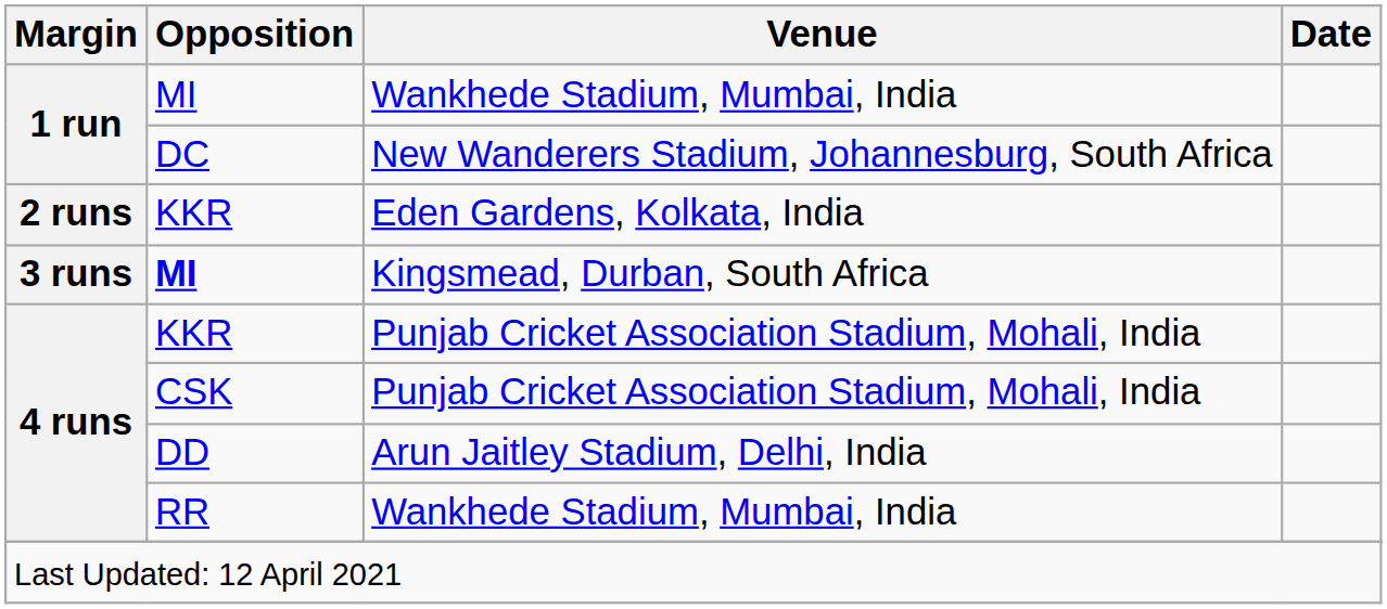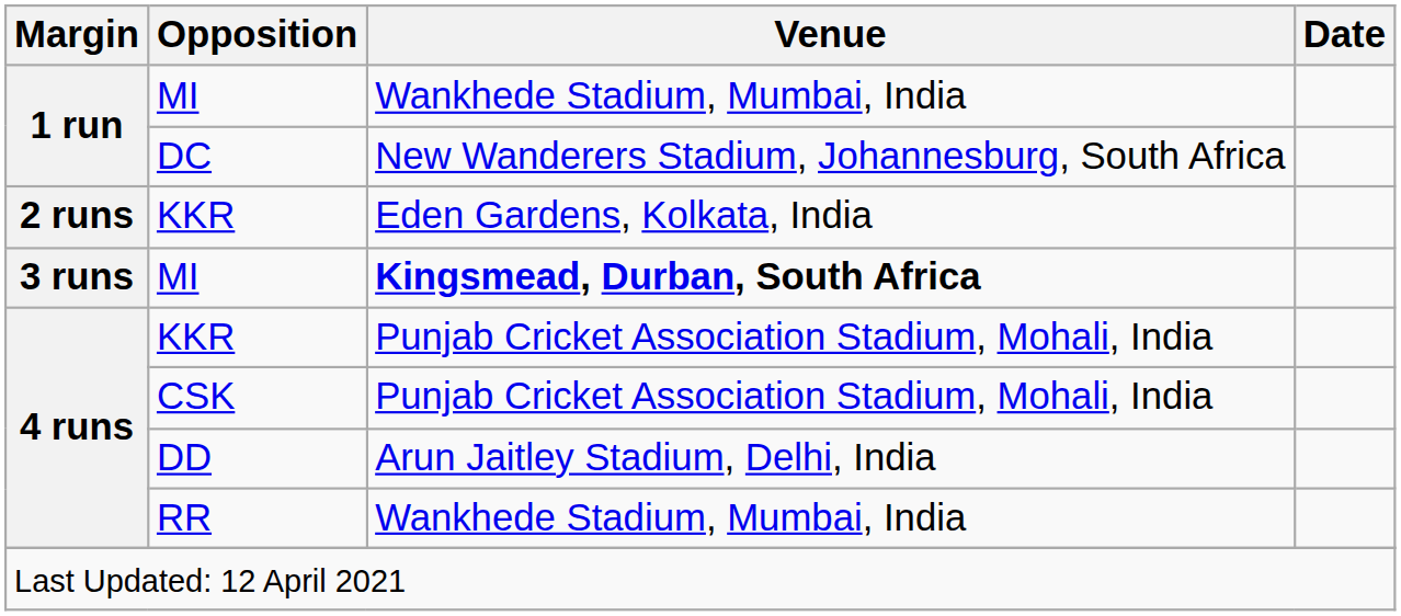 <table class="wikitable">
 <tr>
 <th>Margin</th>
 <th>Opposition</th>
 <th>Venue</th>
 <th>Date</th>
 </tr>
 <tr>
 <th rowspan=2>1 run</th>
 <td><a href='#'>MI</a></td>
 <td><a href='#'>Wankhede Stadium</a>, <a href='#'>Mumbai</a>, India</td>
 <td></td>
 </tr>
 <tr>
 <td><a href='#'>DC</a></td>
 <td><a href='#'>New Wanderers Stadium</a>, <a href='#'>Johannesburg</a>, South Africa</td>
 <td></td>
 </tr>
 <tr>
 <th>2 runs</th>
 <td><a href='#'>KKR</a></td>
 <td><a href='#'>Eden Gardens</a>, <a href='#'>Kolkata</a>, India</td>
 <td></td>
 </tr>
 <tr>
 <th>3 runs</th>
-<td><strong><a href='#'>MI</a></strong></td>
-<td><a href='#'>Kingsmead</a>, <a href='#'>Durban</a>, South Africa</td>
+<td><a href='#'>MI</a></td>
+<td><strong><a href='#'>Kingsmead</a>, <a href='#'>Durban</a>, South Africa</strong></td>
 <td></td>
 </tr>
 <tr>
 <th rowspan=4>4 runs</th>
 <td><a href='#'>KKR</a></td>
 <td><a href='#'>Punjab Cricket Association Stadium</a>, <a href='#'>Mohali</a>, India</td>
 <td></td>
 </tr>
 <tr>
 <td><a href='#'>CSK</a></td>
 <td><a href='#'>Punjab Cricket Association Stadium</a>, <a href='#'>Mohali</a>, India</td>
 <td></td>
 </tr>
 <tr>
 <td><a href='#'>DD</a></td>
 <td><a href='#'>Arun Jaitley Stadium</a>, <a href='#'>Delhi</a>, India</td>
 <td></td>
 </tr>
 <tr>
 <td><a href='#'>RR</a></td>
 <td><a href='#'>Wankhede Stadium</a>, <a href='#'>Mumbai</a>, India</td>
 <td></td>
 </tr>
 <tr>
 </tr>
 <tr class=sortbottom>
 <td colspan=4><small>Last Updated: 12 April 2021</small></td>
 </tr>
 </table>
